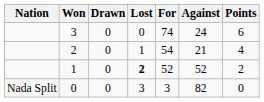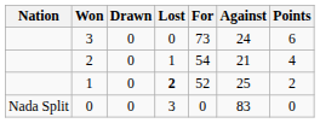 <table class="wikitable" style="text-align: center;">
 <tr>
 <th>Nation</th>
 <th>Won</th>
 <th>Drawn</th>
 <th>Lost</th>
 <th>For</th>
 <th>Against</th>
 <th>Points</th>
 </tr>
 <tr>
 <td align="left"></td>
 <td>3</td>
 <td>0</td>
 <td>0</td>
-<td>74</td>
+<td>73</td>
 <td>24</td>
 <td>6</td>
 </tr>
 <tr>
 <td align="left"></td>
 <td>2</td>
 <td>0</td>
 <td>1</td>
 <td>54</td>
 <td>21</td>
 <td>4</td>
 </tr>
 <tr>
 <td align="left"></td>
 <td>1</td>
 <td>0</td>
 <td><strong>2</strong></td>
 <td>52</td>
-<td>52</td>
+<td>25</td>
 <td>2</td>
 </tr>
 <tr>
 <td align="left">Nada Split</td>
 <td>0</td>
 <td>0</td>
 <td>3</td>
-<td>3</td>
-<td>82</td>
+<td>0</td>
+<td>83</td>
 <td>0</td>
 </tr>
 </table>
